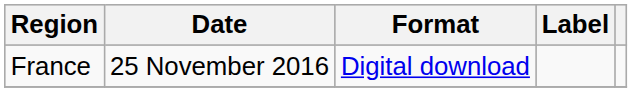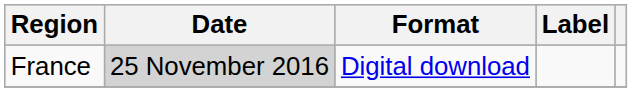 <table class=wikitable>
 <tr>
 <th>Region</th>
 <th>Date</th>
 <th>Format</th>
 <th>Label</th>
 <th></th>
 </tr>
 <tr>
 <td>France</td>
-<td>25 November 2016</td>
+<td style="background: lightgrey;">25 November 2016</td>
 <td><a href='#'>Digital download</a></td>
 <td></td>
 <td></td>
 </tr>
 <tr>
 </tr>
 </table>
